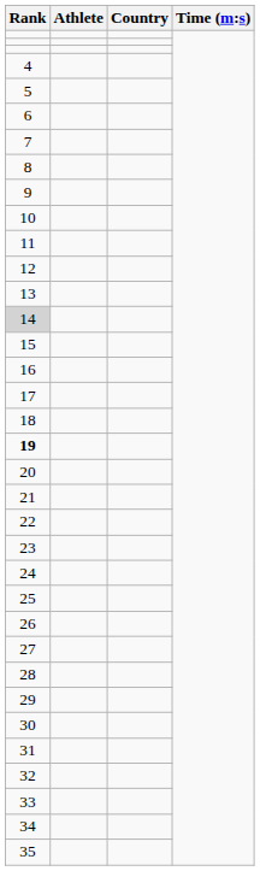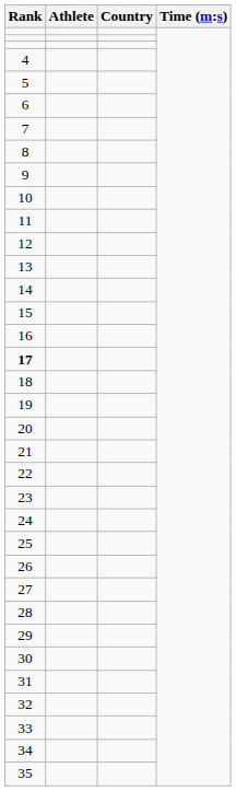 <table class="wikitable sortable" style="text-align:center">
 <tr>
 <th>Rank</th>
 <th>Athlete</th>
 <th>Country</th>
 <th>Time (<a href='#'>m</a>:<a href='#'>s</a>)</th>
 </tr>
 <tr>
 <td></td>
 <td align=left></td>
 <td></td>
 </tr>
 <tr>
 <td></td>
 <td align=left></td>
 <td></td>
 </tr>
 <tr>
 <td></td>
 <td align=left></td>
 <td></td>
 </tr>
 <tr>
 <td>4</td>
 <td align=left></td>
 <td></td>
 </tr>
 <tr>
 <td>5</td>
 <td align=left><a href='#'></a></td>
 <td></td>
 </tr>
 <tr>
 <td>6</td>
 <td align=left><a href='#'></a></td>
 <td></td>
 </tr>
 <tr>
 <td>7</td>
 <td align=left><a href='#'></a></td>
 <td></td>
 </tr>
 <tr>
 <td>8</td>
 <td align=left><a href='#'></a></td>
 <td></td>
 </tr>
 <tr>
 <td>9</td>
 <td align=left><a href='#'></a></td>
 <td></td>
 </tr>
 <tr>
 <td>10</td>
 <td align=left><a href='#'></a></td>
 <td></td>
 </tr>
 <tr>
 <td>11</td>
 <td align=left><a href='#'></a></td>
 <td></td>
 </tr>
 <tr>
 <td>12</td>
 <td align=left><a href='#'></a></td>
 <td></td>
 </tr>
 <tr>
 <td>13</td>
 <td align=left><a href='#'></a></td>
 <td></td>
 </tr>
 <tr>
-<td style="background: lightgrey;">14</td>
+<td>14</td>
 <td align=left><a href='#'></a></td>
 <td></td>
 </tr>
 <tr>
 <td>15</td>
 <td align=left><a href='#'></a></td>
 <td></td>
 </tr>
 <tr>
 <td>16</td>
 <td align=left><a href='#'></a></td>
 <td></td>
 </tr>
 <tr>
-<td>17</td>
+<td><strong>17</strong></td>
 <td align=left><a href='#'></a></td>
 <td></td>
 </tr>
 <tr>
 <td>18</td>
 <td align=left><a href='#'></a></td>
 <td></td>
 </tr>
 <tr>
-<td><strong>19</strong></td>
+<td>19</td>
 <td align=left><a href='#'></a></td>
 <td></td>
 </tr>
 <tr>
 <td>20</td>
 <td align=left><a href='#'></a></td>
 <td></td>
 </tr>
 <tr>
 <td>21</td>
 <td align=left><a href='#'></a></td>
 <td></td>
 </tr>
 <tr>
 <td>22</td>
 <td align=left><a href='#'></a></td>
 <td></td>
 </tr>
 <tr>
 <td>23</td>
 <td align=left><a href='#'></a></td>
 <td></td>
 </tr>
 <tr>
 <td>24</td>
 <td align=left><a href='#'></a></td>
 <td></td>
 </tr>
 <tr>
 <td>25</td>
 <td align=left><a href='#'></a></td>
 <td></td>
 </tr>
 <tr>
 <td>26</td>
 <td align=left><a href='#'></a></td>
 <td></td>
 </tr>
 <tr>
 <td>27</td>
 <td align=left><a href='#'></a></td>
 <td></td>
 </tr>
 <tr>
 <td>28</td>
 <td align=left><a href='#'></a></td>
 <td></td>
 </tr>
 <tr>
 <td>29</td>
 <td align=left><a href='#'></a></td>
 <td></td>
 </tr>
 <tr>
 <td>30</td>
 <td align=left><a href='#'></a></td>
 <td></td>
 </tr>
 <tr>
 <td>31</td>
 <td align=left><a href='#'></a></td>
 <td></td>
 </tr>
 <tr>
 <td>32</td>
 <td align=left><a href='#'></a></td>
 <td></td>
 </tr>
 <tr>
 <td>33</td>
 <td align=left><a href='#'></a></td>
 <td></td>
 </tr>
 <tr>
 <td>34</td>
 <td align=left><a href='#'></a></td>
 <td></td>
 </tr>
 <tr>
 <td>35</td>
 <td align=left><a href='#'></a></td>
 <td></td>
 </tr>
 </table>
